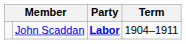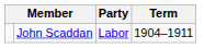 <table class="wikitable">
 <tr>
 <th colspan="2">Member</th>
 <th>Party</th>
 <th>Term</th>
 </tr>
 <tr>
 <td> </td>
 <td><a href='#'>John Scaddan</a></td>
-<td><strong><a href='#'>Labor</a></strong></td>
+<td><a href='#'>Labor</a></td>
 <td>1904–1911</td>
 </tr>
 </table>
